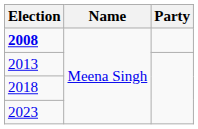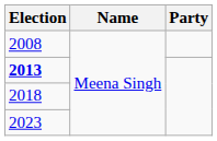 <table class="wikitable sortable">
 <tr>
 <th>Election</th>
 <th>Name</th>
 <th colspan=2>Party</th>
 </tr>
 <tr>
-<td><strong><a href='#'>2008</a></strong></td>
+<td><a href='#'>2008</a></td>
 <td rowspan=4><a href='#'>Meena Singh</a></td>
 <td></td>
 </tr>
 <tr>
-<td><a href='#'>2013</a></td>
+<td><strong><a href='#'>2013</a></strong></td>
 </tr>
 <tr>
 <td><a href='#'>2018</a></td>
 </tr>
 <tr>
 <td><a href='#'>2023</a></td>
 </tr>
 </table>
